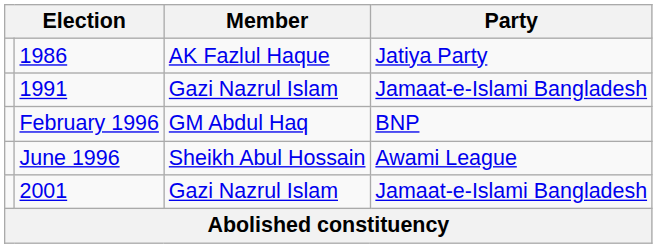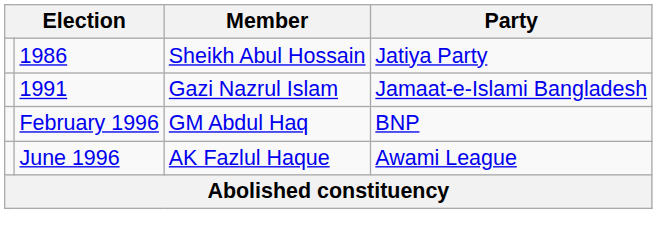 <table class="wikitable">
 <tr>
 <th colspan="2">Election</th>
 <th>Member</th>
 <th>Party</th>
 </tr>
 <tr>
 <td style="background-color:"></td>
 <td><a href='#'>1986</a></td>
-<td><a href='#'>AK Fazlul Haque</a></td>
+<td><a href='#'>Sheikh Abul Hossain</a></td>
 <td><a href='#'>Jatiya Party</a></td>
 </tr>
 <tr>
 <td style="background-color:"></td>
 <td><a href='#'>1991</a></td>
 <td><a href='#'>Gazi Nazrul Islam</a></td>
 <td><a href='#'>Jamaat-e-Islami Bangladesh</a></td>
 </tr>
 <tr>
 <td style="background-color:"></td>
 <td><a href='#'>February 1996</a></td>
 <td><a href='#'>GM Abdul Haq</a></td>
 <td><a href='#'>BNP</a></td>
 </tr>
 <tr>
 <td style="background-color:"></td>
 <td><a href='#'>June 1996</a></td>
-<td><a href='#'>Sheikh Abul Hossain</a></td>
+<td><a href='#'>AK Fazlul Haque</a></td>
 <td><a href='#'>Awami League</a></td>
-</tr>
-<tr>
-<td style="background-color:"></td>
-<td><a href='#'>2001</a></td>
-<td><a href='#'>Gazi Nazrul Islam</a></td>
-<td><a href='#'>Jamaat-e-Islami Bangladesh</a></td>
 </tr>
 <tr>
 <th colspan="4">Abolished constituency</th>
 </tr>
 </table>
